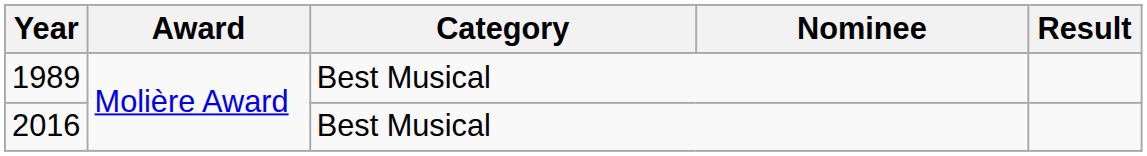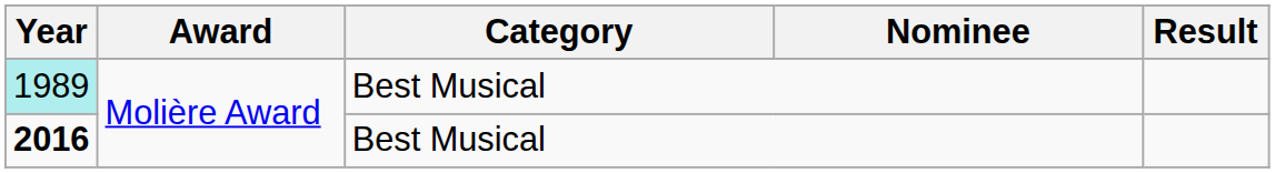 <table class="wikitable" style="width:95%;">
 <tr>
 <th width=5%>Year</th>
 <th style="width:20%;">Award</th>
 <th style="width:35%;">Category</th>
 <th style="width:30%;">Nominee</th>
 <th style="width:10%;">Result</th>
 </tr>
 <tr>
-<td>1989</td>
+<td style="background: paleturquoise;">1989</td>
 <td rowspan="2"><a href='#'>Molière Award</a></td>
 <td colspan="2">Best Musical</td>
 <td></td>
 </tr>
 <tr>
-<td>2016</td>
+<td><strong>2016</strong></td>
 <td colspan="2">Best Musical</td>
 <td></td>
 </tr>
 </table>
